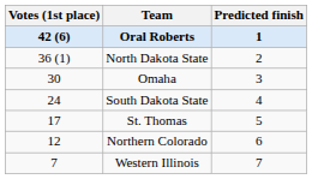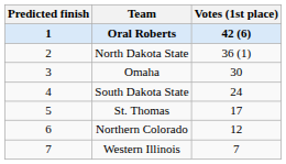 <table class="wikitable sortable">
 <tr>
+<th style="text-align:center; ">Predicted finish</th>
+<th style="text-align:center; ">Team</th>
 <th style="text-align:center; ">Votes (1st place)</th>
-<th style="text-align:center; ">Team</th>
-<th style="text-align:center; ">Predicted finish</th>
 </tr>
 <tr style="background-color: #d9e9f9"; align="center">
+<td><strong>1</strong></td>
+<td><strong>Oral Roberts</strong></td>
 <td><strong>42 (6)</strong></td>
-<td><strong>Oral Roberts</strong></td>
-<td><strong>1</strong></td>
 </tr>
 <tr align="center">
+<td>2</td>
+<td>North Dakota State</td>
 <td>36 (1)</td>
-<td>North Dakota State</td>
-<td>2</td>
 </tr>
 <tr align="center">
+<td>3</td>
+<td>Omaha</td>
 <td>30</td>
-<td>Omaha</td>
-<td>3</td>
 </tr>
 <tr align="center">
+<td>4</td>
+<td>South Dakota State</td>
 <td>24</td>
-<td>South Dakota State</td>
-<td>4</td>
 </tr>
 <tr align="center">
+<td>5</td>
+<td>St. Thomas</td>
 <td>17</td>
-<td>St. Thomas</td>
-<td>5</td>
 </tr>
 <tr align="center">
+<td>6</td>
+<td>Northern Colorado</td>
 <td>12</td>
-<td>Northern Colorado</td>
-<td>6</td>
 </tr>
 <tr align="center">
 <td>7</td>
 <td>Western Illinois</td>
 <td>7</td>
 </tr>
 </table>
